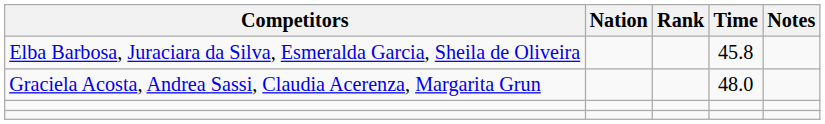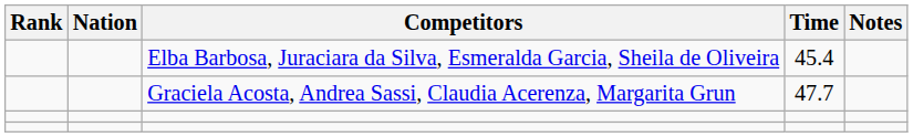 <table class="wikitable sortable" style="text-align:center">
 <tr>
+<th>Rank</th>
+<th>Nation</th>
 <th>Competitors</th>
-<th>Nation</th>
-<th>Rank</th>
 <th>Time</th>
 <th>Notes</th>
 </tr>
 <tr>
+<td></td>
+<td align=left></td>
 <td align=left><a href='#'>Elba Barbosa</a>, <a href='#'>Juraciara da Silva</a>, <a href='#'>Esmeralda Garcia</a>, <a href='#'>Sheila de Oliveira</a></td>
-<td align=left></td>
-<td></td>
-<td>45.8</td>
+<td>45.4</td>
 <td></td>
 </tr>
 <tr>
+<td></td>
+<td align=left></td>
 <td align=left><a href='#'>Graciela Acosta</a>, <a href='#'>Andrea Sassi</a>, <a href='#'>Claudia Acerenza</a>, <a href='#'>Margarita Grun</a></td>
-<td align=left></td>
-<td></td>
-<td>48.0</td>
+<td>47.7</td>
 <td></td>
 </tr>
 <tr>
+<td></td>
 <td align=left></td>
 <td align=left></td>
 <td></td>
 <td></td>
-<td></td>
 </tr>
 <tr>
+<td></td>
 <td align=left></td>
 <td align=left></td>
 <td></td>
 <td></td>
-<td></td>
 </tr>
 </table>
